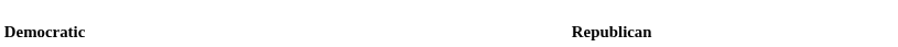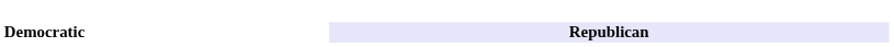 <table style="width:70%; text-align:center">
 <tr style="color:white">
 <td style="background:"><strong>260</strong></td>
 <td style="background:"><strong>175</strong></td>
 </tr>
 <tr>
 <td><span><strong>Democratic</strong></span></td>
-<td><span><strong>Republican</strong></span></td>
+<td style="background: lavender;"><span><strong>Republican</strong></span></td>
 </tr>
 </table>
